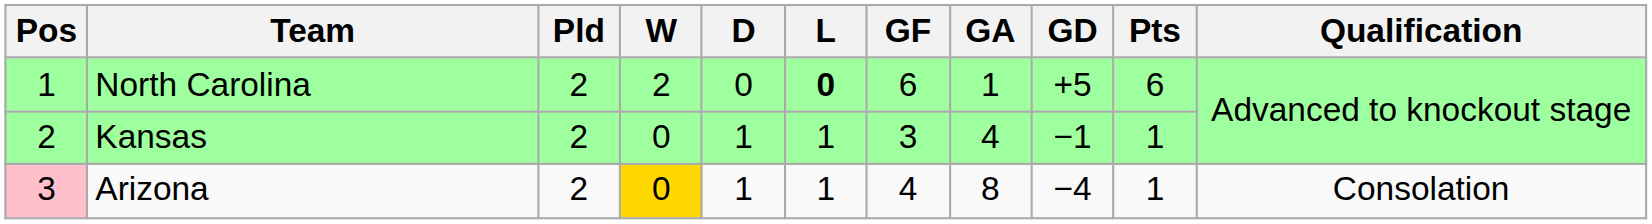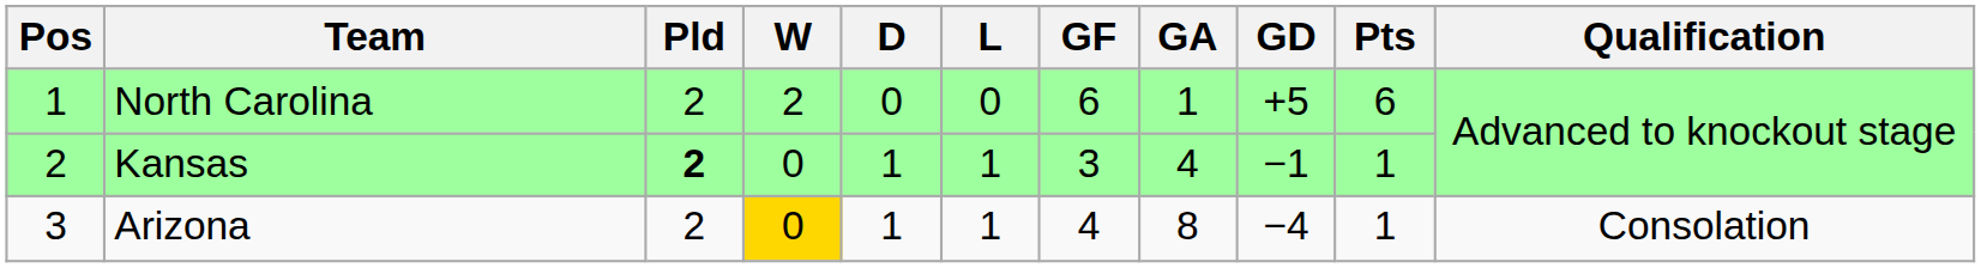 <table class="wikitable" style="text-align:center; margin: 1em auto">
 <tr>
 <th style="width:2em">Pos</th>
 <th style="width:13em">Team</th>
 <th style="width:2em">Pld</th>
 <th style="width:2em">W</th>
 <th style="width:2em">D</th>
 <th style="width:2em">L</th>
 <th style="width:2em">GF</th>
 <th style="width:2em">GA</th>
 <th style="width:2em">GD</th>
 <th style="width:2em">Pts</th>
 <th style="width:13em">Qualification</th>
 </tr>
 <tr bgcolor="#9eff9e">
 <td>1</td>
 <td style="text-align:left">North Carolina</td>
 <td>2</td>
 <td>2</td>
 <td>0</td>
-<td><strong>0</strong></td>
+<td>0</td>
 <td>6</td>
 <td>1</td>
 <td>+5</td>
 <td>6</td>
 <td rowspan="2">Advanced to knockout stage</td>
 </tr>
 <tr bgcolor="#9eff9e">
 <td>2</td>
 <td style="text-align:left">Kansas</td>
-<td>2</td>
+<td><strong>2</strong></td>
 <td>0</td>
 <td>1</td>
 <td>1</td>
 <td>3</td>
 <td>4</td>
 <td>−1</td>
 <td>1</td>
 </tr>
 <tr>
-<td style="background: pink;">3</td>
+<td>3</td>
 <td style="text-align:left">Arizona</td>
 <td>2</td>
 <td style="background: gold;">0</td>
 <td>1</td>
 <td>1</td>
 <td>4</td>
 <td>8</td>
 <td>−4</td>
 <td>1</td>
 <td>Consolation</td>
 </tr>
 </table>
